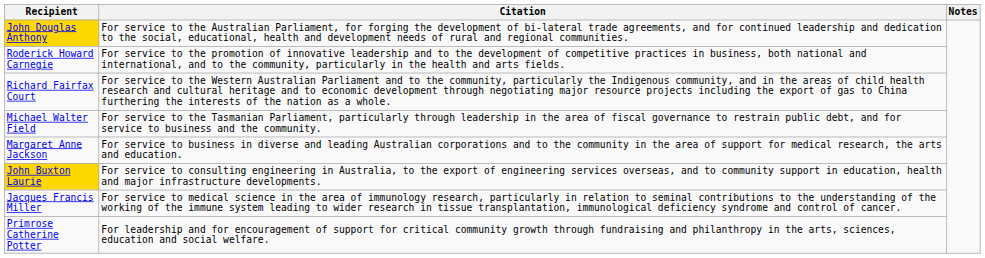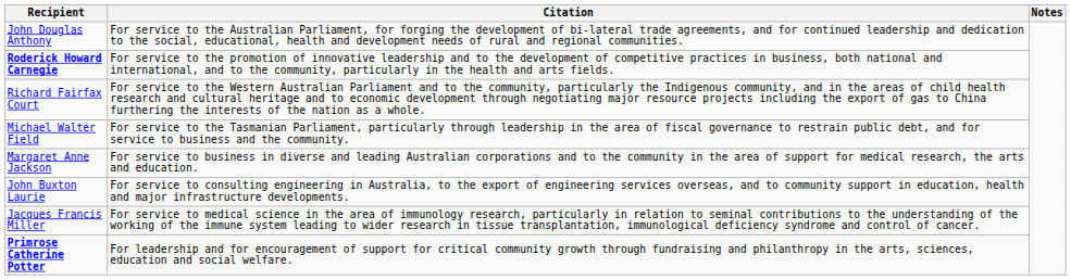 <table class="wikitable" style="font-size:95%;">
 <tr>
 <th>Recipient</th>
 <th>Citation</th>
 <th>Notes</th>
 </tr>
 <tr>
-<td style="background: gold;"> <a href='#'>John Douglas Anthony</a></td>
+<td> <a href='#'>John Douglas Anthony</a></td>
 <td>For service to the Australian Parliament, for forging the development of bi-lateral trade agreements, and for continued leadership and dedication to the social, educational, health and development needs of rural and regional communities.</td>
 <td rowspan=8></td>
 </tr>
 <tr>
-<td> <a href='#'>Roderick Howard Carnegie</a></td>
+<td><strong> <a href='#'>Roderick Howard Carnegie</a></strong></td>
 <td>For service to the promotion of innovative leadership and to the development of competitive practices in business, both national and international, and to the community, particularly in the health and arts fields.</td>
 </tr>
 <tr>
 <td> <a href='#'>Richard Fairfax Court</a></td>
 <td>For service to the Western Australian Parliament and to the community, particularly the Indigenous community, and in the areas of child health research and cultural heritage and to economic development through negotiating major resource projects including the export of gas to China furthering the interests of the nation as a whole.</td>
 </tr>
 <tr>
 <td> <a href='#'>Michael Walter Field</a></td>
 <td>For service to the Tasmanian Parliament, particularly through leadership in the area of fiscal governance to restrain public debt, and for service to business and the community.</td>
 </tr>
 <tr>
 <td><a href='#'>Margaret Anne Jackson</a></td>
 <td>For service to business in diverse and leading Australian corporations and to the community in the area of support for medical research, the arts and education.</td>
 </tr>
 <tr>
-<td style="background: gold;"><a href='#'>John Buxton Laurie</a></td>
+<td><a href='#'>John Buxton Laurie</a></td>
 <td>For service to consulting engineering in Australia, to the export of engineering services overseas, and to community support in education, health and major infrastructure developments.</td>
 </tr>
 <tr>
 <td> <a href='#'>Jacques Francis Miller</a></td>
 <td>For service to medical science in the area of immunology research, particularly in relation to seminal contributions to the understanding of the working of the immune system leading to wider research in tissue transplantation, immunological deficiency syndrome and control of cancer.</td>
 </tr>
 <tr>
-<td> <a href='#'>Primrose Catherine Potter</a></td>
+<td><strong> <a href='#'>Primrose Catherine Potter</a></strong></td>
 <td>For leadership and for encouragement of support for critical community growth through fundraising and philanthropy in the arts, sciences, education and social welfare.</td>
 </tr>
 </table>
